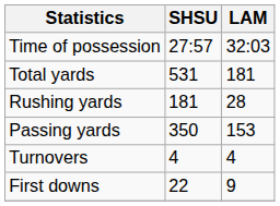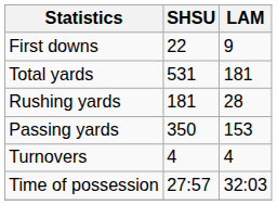 <table class="wikitable">
 <tr>
 <th>Statistics</th>
 <th>SHSU</th>
 <th>LAM</th>
 </tr>
 <tr>
-<td>Time of possession</td>
-<td>27:57</td>
-<td>32:03</td>
+<td>First downs</td>
+<td>22</td>
+<td>9</td>
 </tr>
 <tr>
 <td>Total yards</td>
 <td>531</td>
 <td>181</td>
 </tr>
 <tr>
 <td>Rushing yards</td>
 <td>181</td>
 <td>28</td>
 </tr>
 <tr>
 <td>Passing yards</td>
 <td>350</td>
 <td>153</td>
 </tr>
 <tr>
 <td>Turnovers</td>
 <td>4</td>
 <td>4</td>
 </tr>
 <tr>
-<td>First downs</td>
-<td>22</td>
-<td>9</td>
+<td>Time of possession</td>
+<td>27:57</td>
+<td>32:03</td>
 </tr>
 <tr>
 </tr>
 </table>
